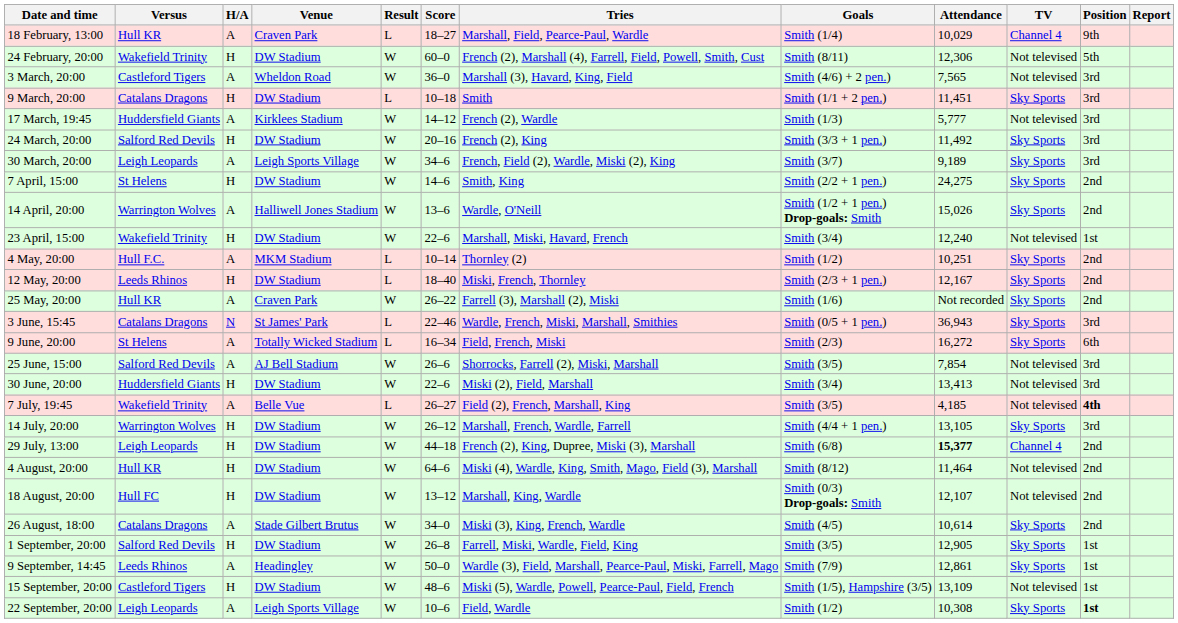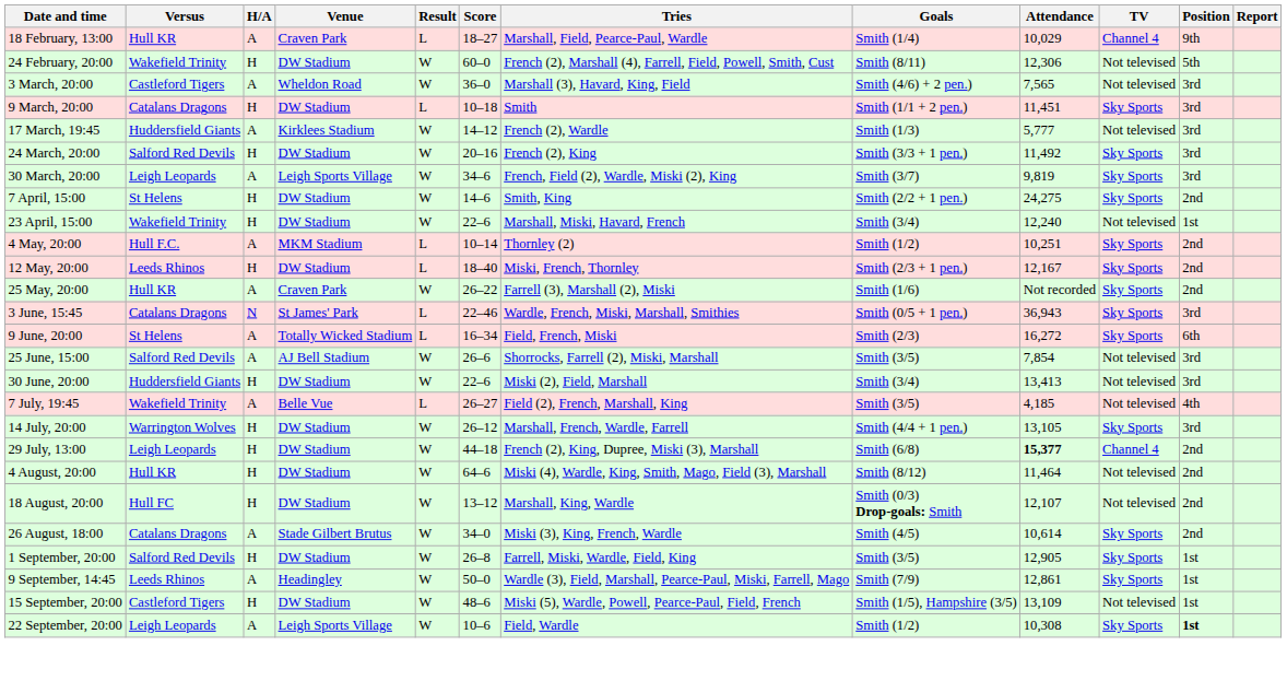 <table class="wikitable" style="font-size:85%;">
 <tr>
 <th>Date and time</th>
 <th>Versus</th>
 <th>H/A</th>
 <th>Venue</th>
 <th>Result</th>
 <th>Score</th>
 <th>Tries</th>
 <th>Goals</th>
 <th>Attendance</th>
 <th>TV</th>
 <th>Position</th>
 <th>Report</th>
 </tr>
 <tr style="background:#ffdddd;">
 <td>18 February, 13:00</td>
 <td> <a href='#'>Hull KR</a></td>
 <td>A</td>
 <td><a href='#'>Craven Park</a></td>
 <td>L</td>
 <td>18–27</td>
 <td><a href='#'>Marshall</a>, <a href='#'>Field</a>, <a href='#'>Pearce-Paul</a>, <a href='#'>Wardle</a></td>
 <td><a href='#'>Smith</a> (1/4)</td>
 <td>10,029</td>
 <td><a href='#'>Channel 4</a></td>
 <td>9th</td>
 <td></td>
 </tr>
 <tr style="background:#ddffdd;">
 <td>24 February, 20:00</td>
 <td> <a href='#'>Wakefield Trinity</a></td>
 <td>H</td>
 <td><a href='#'>DW Stadium</a></td>
 <td>W</td>
 <td>60–0</td>
 <td><a href='#'>French</a> (2), <a href='#'>Marshall</a> (4), <a href='#'>Farrell</a>, <a href='#'>Field</a>, <a href='#'>Powell</a>, <a href='#'>Smith</a>, <a href='#'>Cust</a></td>
 <td><a href='#'>Smith</a> (8/11)</td>
 <td>12,306</td>
 <td>Not televised</td>
 <td>5th</td>
 <td></td>
 </tr>
 <tr style="background:#ddffdd;">
 <td>3 March, 20:00</td>
 <td> <a href='#'>Castleford Tigers</a></td>
 <td>A</td>
 <td><a href='#'>Wheldon Road</a></td>
 <td>W</td>
 <td>36–0</td>
 <td><a href='#'>Marshall</a> (3), <a href='#'>Havard</a>, <a href='#'>King</a>, <a href='#'>Field</a></td>
 <td><a href='#'>Smith</a> (4/6) + 2 <a href='#'>pen.</a>)</td>
 <td>7,565</td>
 <td>Not televised</td>
 <td>3rd</td>
 <td></td>
 </tr>
 <tr style="background:#ffdddd;">
 <td>9 March, 20:00</td>
 <td> <a href='#'>Catalans Dragons</a></td>
 <td>H</td>
 <td><a href='#'>DW Stadium</a></td>
 <td>L</td>
 <td>10–18</td>
 <td><a href='#'>Smith</a></td>
 <td><a href='#'>Smith</a> (1/1 + 2 <a href='#'>pen.</a>)</td>
 <td>11,451</td>
 <td><a href='#'>Sky Sports</a></td>
 <td>3rd</td>
 <td></td>
 </tr>
 <tr style="background:#ddffdd;">
 <td>17 March, 19:45</td>
 <td> <a href='#'>Huddersfield Giants</a></td>
 <td>A</td>
 <td><a href='#'>Kirklees Stadium</a></td>
 <td>W</td>
 <td>14–12</td>
 <td><a href='#'>French</a> (2), <a href='#'>Wardle</a></td>
 <td><a href='#'>Smith</a> (1/3)</td>
 <td>5,777</td>
 <td>Not televised</td>
 <td>3rd</td>
 <td></td>
 </tr>
 <tr style="background:#ddffdd;">
 <td>24 March, 20:00</td>
 <td> <a href='#'>Salford Red Devils</a></td>
 <td>H</td>
 <td><a href='#'>DW Stadium</a></td>
 <td>W</td>
 <td>20–16</td>
 <td><a href='#'>French</a> (2), <a href='#'>King</a></td>
 <td><a href='#'>Smith</a> (3/3 + 1 <a href='#'>pen.</a>)</td>
 <td>11,492</td>
 <td><a href='#'>Sky Sports</a></td>
 <td>3rd</td>
 <td></td>
 </tr>
 <tr style="background:#ddffdd;">
 <td>30 March, 20:00</td>
 <td> <a href='#'>Leigh Leopards</a></td>
 <td>A</td>
 <td><a href='#'>Leigh Sports Village</a></td>
 <td>W</td>
 <td>34–6</td>
 <td><a href='#'>French</a>, <a href='#'>Field</a> (2), <a href='#'>Wardle</a>, <a href='#'>Miski</a> (2), <a href='#'>King</a></td>
 <td><a href='#'>Smith</a> (3/7)</td>
-<td>9,189</td>
+<td>9,819</td>
 <td><a href='#'>Sky Sports</a></td>
 <td>3rd</td>
 <td></td>
 </tr>
 <tr style="background:#ddffdd;">
 <td>7 April, 15:00</td>
 <td> <a href='#'>St Helens</a></td>
 <td>H</td>
 <td><a href='#'>DW Stadium</a></td>
 <td>W</td>
 <td>14–6</td>
 <td><a href='#'>Smith</a>, <a href='#'>King</a></td>
 <td><a href='#'>Smith</a> (2/2 + 1 <a href='#'>pen.</a>)</td>
 <td>24,275</td>
-<td><a href='#'>Sky Sports</a></td>
-<td>2nd</td>
-<td></td>
-</tr>
-<tr style="background:#ddffdd;">
-<td>14 April, 20:00</td>
-<td> <a href='#'>Warrington Wolves</a></td>
-<td>A</td>
-<td><a href='#'>Halliwell Jones Stadium</a></td>
-<td>W</td>
-<td>13–6</td>
-<td><a href='#'>Wardle</a>, <a href='#'>O'Neill</a></td>
-<td><a href='#'>Smith</a> (1/2 + 1 <a href='#'>pen.</a>)<br><strong>Drop-goals:</strong> <a href='#'>Smith</a></td>
-<td>15,026</td>
 <td><a href='#'>Sky Sports</a></td>
 <td>2nd</td>
 <td></td>
 </tr>
 <tr style="background:#ddffdd;">
 <td>23 April, 15:00</td>
 <td> <a href='#'>Wakefield Trinity</a></td>
 <td>H</td>
 <td><a href='#'>DW Stadium</a></td>
 <td>W</td>
 <td>22–6</td>
 <td><a href='#'>Marshall</a>, <a href='#'>Miski</a>, <a href='#'>Havard</a>, <a href='#'>French</a></td>
 <td><a href='#'>Smith</a> (3/4)</td>
 <td>12,240</td>
 <td>Not televised</td>
 <td>1st</td>
 <td></td>
 </tr>
 <tr style="background:#ffdddd;">
 <td>4 May, 20:00</td>
 <td> <a href='#'>Hull F.C.</a></td>
 <td>A</td>
 <td><a href='#'>MKM Stadium</a></td>
 <td>L</td>
 <td>10–14</td>
 <td><a href='#'>Thornley</a> (2)</td>
 <td><a href='#'>Smith</a> (1/2)</td>
 <td>10,251</td>
 <td><a href='#'>Sky Sports</a></td>
 <td>2nd</td>
 <td></td>
 </tr>
 <tr style="background:#ffdddd;">
 <td>12 May, 20:00</td>
 <td> <a href='#'>Leeds Rhinos</a></td>
 <td>H</td>
 <td><a href='#'>DW Stadium</a></td>
 <td>L</td>
 <td>18–40</td>
 <td><a href='#'>Miski</a>, <a href='#'>French</a>, <a href='#'>Thornley</a></td>
 <td><a href='#'>Smith</a> (2/3 + 1 <a href='#'>pen.</a>)</td>
 <td>12,167</td>
 <td><a href='#'>Sky Sports</a></td>
 <td>2nd</td>
 <td></td>
 </tr>
 <tr style="background:#ddffdd;">
 <td>25 May, 20:00</td>
 <td> <a href='#'>Hull KR</a></td>
 <td>A</td>
 <td><a href='#'>Craven Park</a></td>
 <td>W</td>
 <td>26–22<br></td>
 <td><a href='#'>Farrell</a> (3), <a href='#'>Marshall</a> (2), <a href='#'>Miski</a></td>
 <td><a href='#'>Smith</a> (1/6)</td>
 <td>Not recorded</td>
 <td><a href='#'>Sky Sports</a></td>
 <td>2nd</td>
 <td></td>
 </tr>
 <tr style="background:#ffdddd;">
 <td>3 June, 15:45</td>
 <td> <a href='#'>Catalans Dragons</a></td>
 <td><a href='#'>N</a></td>
 <td><a href='#'>St James' Park</a></td>
 <td>L</td>
 <td>22–46</td>
 <td><a href='#'>Wardle</a>, <a href='#'>French</a>, <a href='#'>Miski</a>, <a href='#'>Marshall</a>, <a href='#'>Smithies</a></td>
 <td><a href='#'>Smith</a> (0/5 + 1 <a href='#'>pen.</a>)</td>
 <td>36,943</td>
 <td><a href='#'>Sky Sports</a></td>
 <td>3rd</td>
 <td></td>
 </tr>
 <tr style="background:#ffdddd;">
 <td>9 June, 20:00</td>
 <td> <a href='#'>St Helens</a></td>
 <td>A</td>
 <td><a href='#'>Totally Wicked Stadium</a></td>
 <td>L</td>
 <td>16–34</td>
 <td><a href='#'>Field</a>, <a href='#'>French</a>, <a href='#'>Miski</a></td>
 <td><a href='#'>Smith</a> (2/3)</td>
 <td>16,272</td>
 <td><a href='#'>Sky Sports</a></td>
 <td>6th</td>
 <td></td>
 </tr>
 <tr style="background:#ddffdd;">
 <td>25 June, 15:00</td>
 <td> <a href='#'>Salford Red Devils</a></td>
 <td>A</td>
 <td><a href='#'>AJ Bell Stadium</a></td>
 <td>W</td>
 <td>26–6</td>
 <td><a href='#'>Shorrocks</a>, <a href='#'>Farrell</a> (2), <a href='#'>Miski</a>, <a href='#'>Marshall</a></td>
 <td><a href='#'>Smith</a> (3/5)</td>
 <td>7,854</td>
 <td>Not televised</td>
 <td>3rd</td>
 <td></td>
 </tr>
 <tr style="background:#ddffdd;">
 <td>30 June, 20:00</td>
 <td> <a href='#'>Huddersfield Giants</a></td>
 <td>H</td>
 <td><a href='#'>DW Stadium</a></td>
 <td>W</td>
 <td>22–6</td>
 <td><a href='#'>Miski</a> (2), <a href='#'>Field</a>, <a href='#'>Marshall</a></td>
 <td><a href='#'>Smith</a> (3/4)</td>
 <td>13,413</td>
 <td>Not televised</td>
 <td>3rd</td>
 <td></td>
 </tr>
 <tr style="background:#ffdddd;">
 <td>7 July, 19:45</td>
 <td> <a href='#'>Wakefield Trinity</a></td>
 <td>A</td>
 <td><a href='#'>Belle Vue</a></td>
 <td>L</td>
 <td>26–27<br></td>
 <td><a href='#'>Field</a> (2), <a href='#'>French</a>, <a href='#'>Marshall</a>, <a href='#'>King</a></td>
 <td><a href='#'>Smith</a> (3/5)</td>
 <td>4,185</td>
 <td>Not televised</td>
-<td><strong>4th</strong></td>
+<td>4th</td>
 <td></td>
 </tr>
 <tr style="background:#ddffdd;">
 <td>14 July, 20:00</td>
 <td> <a href='#'>Warrington Wolves</a></td>
 <td>H</td>
 <td><a href='#'>DW Stadium</a></td>
 <td>W</td>
 <td>26–12</td>
 <td><a href='#'>Marshall</a>, <a href='#'>French</a>, <a href='#'>Wardle</a>, <a href='#'>Farrell</a></td>
 <td><a href='#'>Smith</a> (4/4 + 1 <a href='#'>pen.</a>)</td>
 <td>13,105</td>
 <td><a href='#'>Sky Sports</a></td>
 <td>3rd</td>
 <td></td>
 </tr>
 <tr style="background:#ddffdd;">
 <td>29 July, 13:00</td>
 <td> <a href='#'>Leigh Leopards</a></td>
 <td>H</td>
 <td><a href='#'>DW Stadium</a></td>
 <td>W</td>
 <td>44–18</td>
 <td><a href='#'>French</a> (2), <a href='#'>King</a>, Dupree, <a href='#'>Miski</a> (3), <a href='#'>Marshall</a></td>
 <td><a href='#'>Smith</a> (6/8)</td>
 <td><strong>15,377</strong></td>
 <td><a href='#'>Channel 4</a></td>
 <td>2nd</td>
 <td></td>
 </tr>
 <tr style="background:#ddffdd;">
 <td>4 August, 20:00</td>
 <td> <a href='#'>Hull KR</a></td>
 <td>H</td>
 <td><a href='#'>DW Stadium</a></td>
 <td>W</td>
 <td>64–6</td>
 <td><a href='#'>Miski</a> (4), <a href='#'>Wardle</a>, <a href='#'>King</a>, <a href='#'>Smith</a>, <a href='#'>Mago</a>, <a href='#'>Field</a> (3), <a href='#'>Marshall</a></td>
 <td><a href='#'>Smith</a> (8/12)</td>
 <td>11,464</td>
 <td>Not televised</td>
 <td>2nd</td>
 <td></td>
 </tr>
 <tr style="background:#ddffdd;">
 <td>18 August, 20:00</td>
 <td> <a href='#'>Hull FC</a></td>
 <td>H</td>
 <td><a href='#'>DW Stadium</a></td>
 <td>W</td>
 <td>13–12<br></td>
 <td><a href='#'>Marshall</a>, <a href='#'>King</a>, <a href='#'>Wardle</a></td>
 <td><a href='#'>Smith</a> (0/3)<br><strong>Drop-goals:</strong> <a href='#'>Smith</a></td>
 <td>12,107</td>
 <td>Not televised</td>
 <td>2nd</td>
 <td></td>
 </tr>
 <tr style="background:#ddffdd;">
 <td>26 August, 18:00</td>
 <td> <a href='#'>Catalans Dragons</a></td>
 <td>A</td>
 <td><a href='#'>Stade Gilbert Brutus</a></td>
 <td>W</td>
 <td>34–0</td>
 <td><a href='#'>Miski</a> (3), <a href='#'>King</a>, <a href='#'>French</a>, <a href='#'>Wardle</a></td>
 <td><a href='#'>Smith</a> (4/5)</td>
 <td>10,614</td>
 <td><a href='#'>Sky Sports</a></td>
 <td>2nd</td>
 <td></td>
 </tr>
 <tr style="background:#ddffdd;">
 <td>1 September, 20:00</td>
 <td> <a href='#'>Salford Red Devils</a></td>
 <td>H</td>
 <td><a href='#'>DW Stadium</a></td>
 <td>W</td>
 <td>26–8</td>
 <td><a href='#'>Farrell</a>, <a href='#'>Miski</a>, <a href='#'>Wardle</a>, <a href='#'>Field</a>, <a href='#'>King</a></td>
 <td><a href='#'>Smith</a> (3/5)</td>
 <td>12,905</td>
 <td><a href='#'>Sky Sports</a></td>
 <td>1st</td>
 <td></td>
 </tr>
 <tr style="background:#ddffdd;">
 <td>9 September, 14:45</td>
 <td> <a href='#'>Leeds Rhinos</a></td>
 <td>A</td>
 <td><a href='#'>Headingley</a></td>
 <td>W</td>
 <td>50–0</td>
 <td><a href='#'>Wardle</a> (3), <a href='#'>Field</a>, <a href='#'>Marshall</a>, <a href='#'>Pearce-Paul</a>, <a href='#'>Miski</a>, <a href='#'>Farrell</a>, <a href='#'>Mago</a></td>
 <td><a href='#'>Smith</a> (7/9)</td>
 <td>12,861</td>
 <td><a href='#'>Sky Sports</a></td>
 <td>1st</td>
 <td></td>
 </tr>
 <tr style="background:#ddffdd;">
 <td>15 September, 20:00</td>
 <td> <a href='#'>Castleford Tigers</a></td>
 <td>H</td>
 <td><a href='#'>DW Stadium</a></td>
 <td>W</td>
 <td>48–6</td>
 <td><a href='#'>Miski</a> (5), <a href='#'>Wardle</a>, <a href='#'>Powell</a>, <a href='#'>Pearce-Paul</a>, <a href='#'>Field</a>, <a href='#'>French</a></td>
 <td><a href='#'>Smith</a> (1/5), <a href='#'>Hampshire</a> (3/5)</td>
 <td>13,109</td>
 <td>Not televised</td>
 <td>1st</td>
 <td></td>
 </tr>
 <tr style="background:#ddffdd;">
 <td>22 September, 20:00</td>
 <td> <a href='#'>Leigh Leopards</a></td>
 <td>A</td>
 <td><a href='#'>Leigh Sports Village</a></td>
 <td>W</td>
 <td>10–6</td>
 <td><a href='#'>Field</a>, <a href='#'>Wardle</a></td>
 <td><a href='#'>Smith</a> (1/2)</td>
 <td>10,308</td>
 <td><a href='#'>Sky Sports</a></td>
 <td><strong>1st</strong></td>
 <td></td>
 </tr>
 </table>
